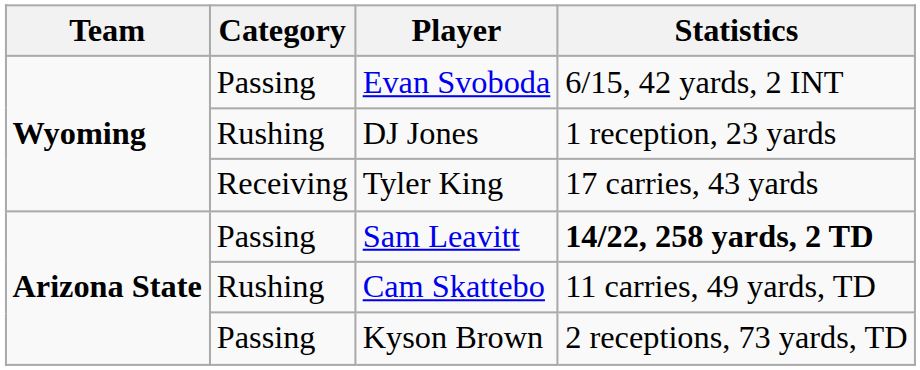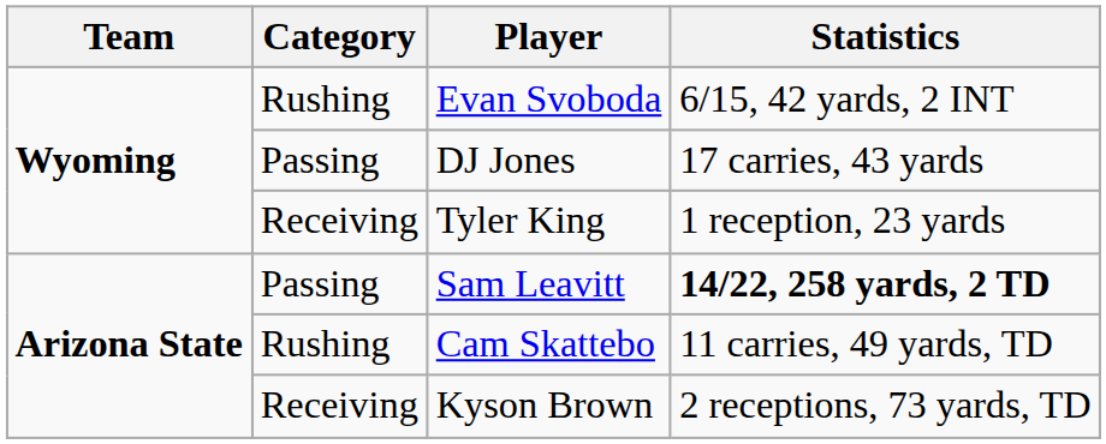 <table class="wikitable" style="float: right;">
 <tr>
 <th>Team</th>
 <th>Category</th>
 <th>Player</th>
 <th>Statistics</th>
 </tr>
 <tr>
 <td rowspan=3><strong>Wyoming</strong></td>
-<td>Passing</td>
+<td>Rushing</td>
 <td><a href='#'>Evan Svoboda</a></td>
 <td>6/15, 42 yards, 2 INT</td>
 </tr>
 <tr>
-<td>Rushing</td>
+<td>Passing</td>
 <td>DJ Jones</td>
-<td>1 reception, 23 yards</td>
+<td>17 carries, 43 yards</td>
 </tr>
 <tr>
 <td>Receiving</td>
 <td>Tyler King</td>
-<td>17 carries, 43 yards</td>
+<td>1 reception, 23 yards</td>
 </tr>
 <tr>
 <td rowspan=3><strong>Arizona State</strong></td>
 <td>Passing</td>
 <td><a href='#'>Sam Leavitt</a></td>
 <td><strong>14/22, 258 yards, 2 TD</strong></td>
 </tr>
 <tr>
 <td>Rushing</td>
 <td><a href='#'>Cam Skattebo</a></td>
 <td>11 carries, 49 yards, TD</td>
 </tr>
 <tr>
-<td>Passing</td>
+<td>Receiving</td>
 <td>Kyson Brown</td>
 <td>2 receptions, 73 yards, TD</td>
 </tr>
 </table>
